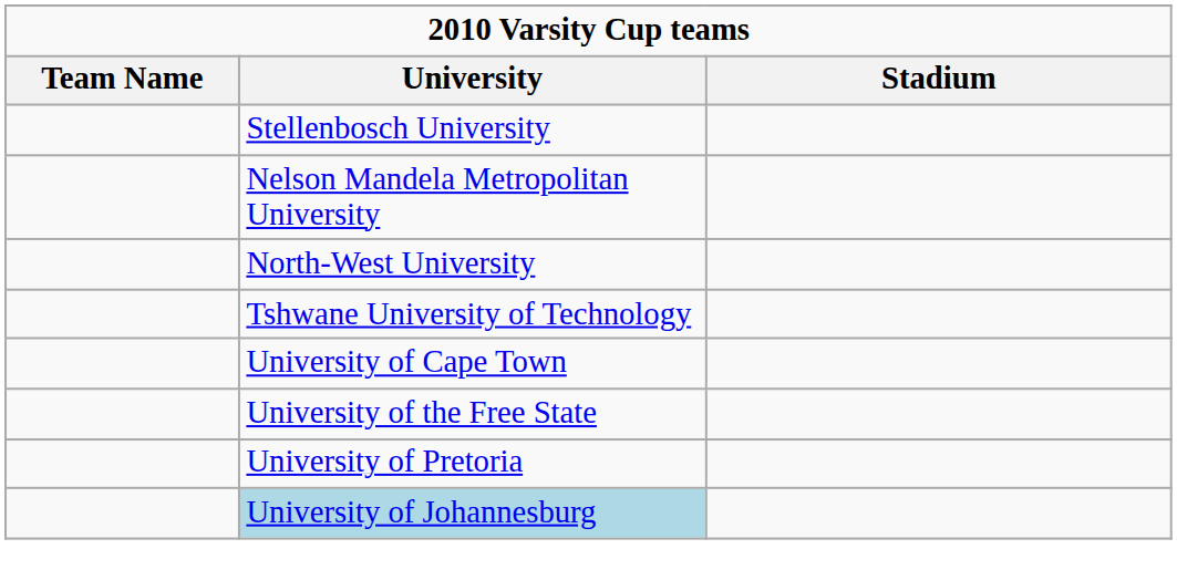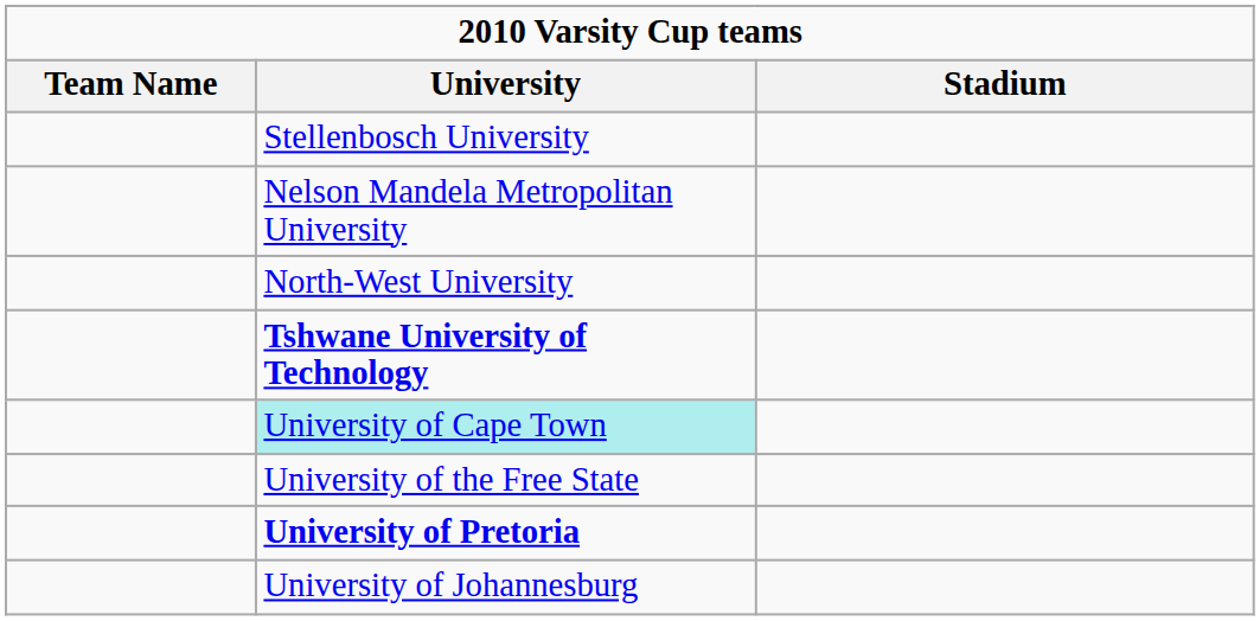 <table class="wikitable" style="text-align:left; line-height:110%; font-size:90%; width:60%;">
 <tr>
 <td colspan=4 align=center><strong>2010 Varsity Cup teams</strong></td>
 </tr>
 <tr>
 <th width="20%">Team Name</th>
 <th width="40%">University</th>
 <th width="40%">Stadium</th>
 </tr>
 <tr>
 <td></td>
 <td><a href='#'>Stellenbosch University</a></td>
 <td></td>
 </tr>
 <tr>
 <td></td>
 <td><a href='#'>Nelson Mandela Metropolitan University</a></td>
 <td></td>
 </tr>
 <tr>
 <td></td>
 <td><a href='#'>North-West University</a></td>
 <td></td>
 </tr>
 <tr>
 <td></td>
-<td><a href='#'>Tshwane University of Technology</a></td>
+<td><strong><a href='#'>Tshwane University of Technology</a></strong></td>
 <td></td>
 </tr>
 <tr>
 <td></td>
-<td><a href='#'>University of Cape Town</a></td>
+<td style="background: paleturquoise;"><a href='#'>University of Cape Town</a></td>
 <td></td>
 </tr>
 <tr>
 <td></td>
 <td><a href='#'>University of the Free State</a></td>
 <td></td>
 </tr>
 <tr>
 <td></td>
-<td><a href='#'>University of Pretoria</a></td>
+<td><strong><a href='#'>University of Pretoria</a></strong></td>
 <td></td>
 </tr>
 <tr>
 <td></td>
-<td style="background: lightblue;"><a href='#'>University of Johannesburg</a></td>
+<td><a href='#'>University of Johannesburg</a></td>
 <td></td>
 </tr>
 </table>
